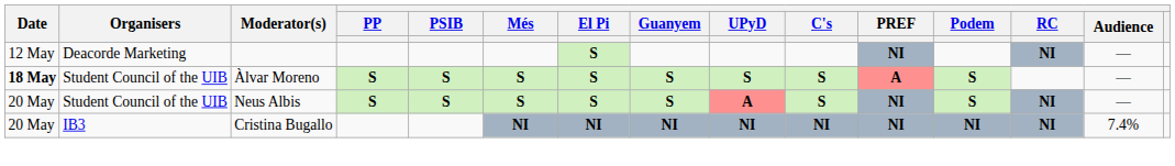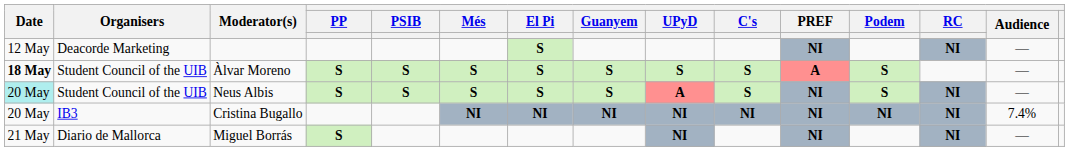 <table class="wikitable" style="text-align:center;">
 <tr>
 <th rowspan="3">Date</th>
 <th rowspan="3">Organisers</th>
 <th rowspan="3">Moderator(s)</th>
 <th colspan="12">        </th>
 </tr>
 <tr>
 <th scope="col" style="width:5em;"><a href='#'>PP</a></th>
 <th scope="col" style="width:5em;"><a href='#'>PSIB</a></th>
 <th scope="col" style="width:5em;"><a href='#'>Més</a></th>
 <th scope="col" style="width:5em;"><a href='#'>El Pi</a></th>
 <th scope="col" style="width:5em;"><a href='#'>Guanyem</a></th>
 <th scope="col" style="width:5em;"><a href='#'>UPyD</a></th>
 <th scope="col" style="width:5em;"><a href='#'>C's</a></th>
 <th scope="col" style="width:5em;">PREF</th>
 <th scope="col" style="width:5em;"><a href='#'>Podem</a></th>
 <th scope="col" style="width:5em;"><a href='#'>RC</a></th>
 <th rowspan="2" scope="col" style="width:5em;">Audience</th>
 <th rowspan="2"></th>
 </tr>
 <tr>
 <th style="color:inherit;background:"></th>
 <th style="color:inherit;background:"></th>
 <th style="color:inherit;background:"></th>
 <th style="color:inherit;background:"></th>
 <th style="color:inherit;background:"></th>
 <th style="color:inherit;background:"></th>
 <th style="color:inherit;background:"></th>
 <th style="color:inherit;background:"></th>
 <th style="color:inherit;background:"></th>
 <th style="color:inherit;background:"></th>
 </tr>
 <tr>
 <td style="white-space:nowrap; text-align:left;">12 May</td>
 <td style="white-space:nowrap; text-align:left;">Deacorde Marketing</td>
 <td style="white-space:nowrap; text-align:left;"></td>
 <td></td>
 <td></td>
 <td></td>
 <td style="background:#D0F0C0;"><strong>S</strong><br></td>
 <td></td>
 <td></td>
 <td></td>
 <td style="background:#A2B2C2;"><strong>NI</strong></td>
 <td></td>
 <td style="background:#A2B2C2;"><strong>NI</strong></td>
 <td>—</td>
 <td></td>
 </tr>
 <tr>
 <td style="white-space:nowrap; text-align:left;"><strong>18 May</strong></td>
 <td style="white-space:nowrap; text-align:left;">Student Council of the <a href='#'>UIB</a></td>
 <td style="white-space:nowrap; text-align:left;">Àlvar Moreno</td>
 <td style="background:#D0F0C0;"><strong>S</strong><br></td>
 <td style="background:#D0F0C0;"><strong>S</strong><br></td>
 <td style="background:#D0F0C0;"><strong>S</strong><br></td>
 <td style="background:#D0F0C0;"><strong>S</strong><br></td>
 <td style="background:#D0F0C0;"><strong>S</strong><br></td>
 <td style="background:#D0F0C0;"><strong>S</strong><br></td>
 <td style="background:#D0F0C0;"><strong>S</strong><br></td>
 <td style="background:#FF9090;"><strong>A</strong></td>
 <td style="background:#D0F0C0;"><strong>S</strong><br></td>
 <td></td>
 <td>—</td>
 <td></td>
 </tr>
 <tr>
-<td style="white-space:nowrap; text-align:left;">20 May</td>
+<td style="background: paleturquoise; white-space:nowrap; text-align:left;">20 May</td>
 <td style="white-space:nowrap; text-align:left;">Student Council of the <a href='#'>UIB</a></td>
 <td style="white-space:nowrap; text-align:left;">Neus Albis</td>
 <td style="background:#D0F0C0;"><strong>S</strong><br></td>
 <td style="background:#D0F0C0;"><strong>S</strong><br></td>
 <td style="background:#D0F0C0;"><strong>S</strong><br></td>
 <td style="background:#D0F0C0;"><strong>S</strong><br></td>
 <td style="background:#D0F0C0;"><strong>S</strong><br></td>
 <td style="background:#FF9090;"><strong>A</strong></td>
 <td style="background:#D0F0C0;"><strong>S</strong><br></td>
 <td style="background:#A2B2C2;"><strong>NI</strong></td>
 <td style="background:#D0F0C0;"><strong>S</strong><br></td>
 <td style="background:#A2B2C2;"><strong>NI</strong></td>
 <td>—</td>
 <td></td>
 </tr>
 <tr>
 <td style="white-space:nowrap; text-align:left;">20 May</td>
 <td style="white-space:nowrap; text-align:left;"><a href='#'>IB3</a></td>
 <td style="white-space:nowrap; text-align:left;">Cristina Bugallo</td>
 <td></td>
 <td></td>
 <td style="background:#A2B2C2;"><strong>NI</strong></td>
 <td style="background:#A2B2C2;"><strong>NI</strong></td>
 <td style="background:#A2B2C2;"><strong>NI</strong></td>
 <td style="background:#A2B2C2;"><strong>NI</strong></td>
 <td style="background:#A2B2C2;"><strong>NI</strong></td>
 <td style="background:#A2B2C2;"><strong>NI</strong></td>
 <td style="background:#A2B2C2;"><strong>NI</strong></td>
 <td style="background:#A2B2C2;"><strong>NI</strong></td>
 <td>7.4%<br></td>
 <td><br></td>
 </tr>
+<tr>
+<td style="white-space:nowrap; text-align:left;">21 May</td>
+<td style="white-space:nowrap; text-align:left;">Diario de Mallorca</td>
+<td style="white-space:nowrap; text-align:left;">Miguel Borrás</td>
+<td style="background:#D0F0C0;"><strong>S</strong><br></td>
+<td></td>
+<td></td>
+<td></td>
+<td></td>
+<td style="background:#A2B2C2;"><strong>NI</strong></td>
+<td></td>
+<td style="background:#A2B2C2;"><strong>NI</strong></td>
+<td></td>
+<td style="background:#A2B2C2;"><strong>NI</strong></td>
+<td>—</td>
+<td></td>
+</tr>
 </table>
